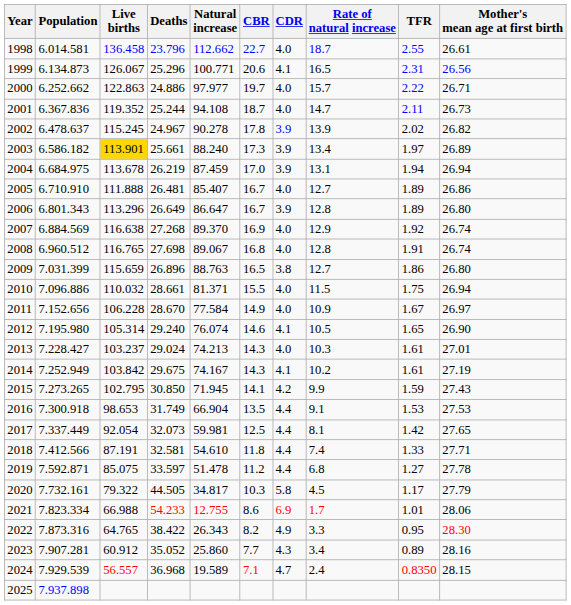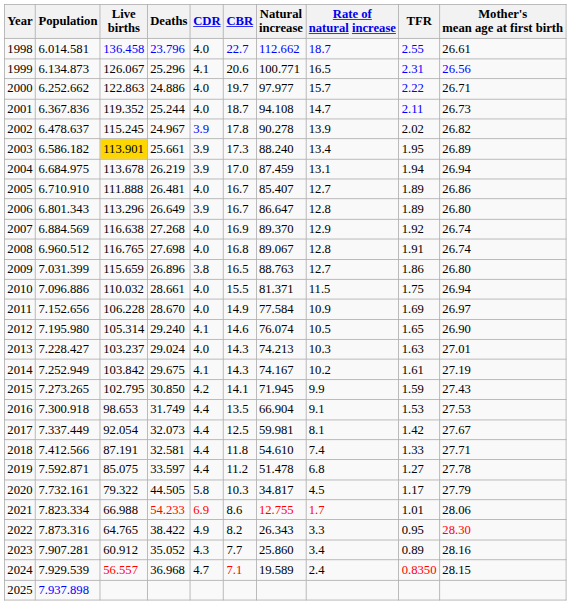 <table class="wikitable">
 <tr>
 <th><strong>Year</strong></th>
 <th><strong>Population</strong></th>
 <th><strong>Live</strong><br><strong>births</strong></th>
 <th><strong>Deaths</strong></th>
+<th><strong><a href='#'>CDR</a></strong></th>
+<th><strong><a href='#'>CBR</a></strong></th>
 <th><strong>Natural</strong><br><strong>increase</strong></th>
-<th><strong><a href='#'>CBR</a></strong></th>
-<th><strong><a href='#'>CDR</a></strong></th>
 <th><strong><a href='#'>Rate of</a></strong><br><strong><a href='#'>natural</a></strong>  <strong><a href='#'>increase</a></strong></th>
 <th><strong>TFR</strong></th>
 <th><strong>Mother's</strong><br><strong>mean</strong>  <strong>age at</strong> <strong>first</strong> <strong>birth</strong></th>
 </tr>
 <tr>
 <td>1998</td>
 <td>6.014.581</td>
 <td style="color: blue">136.458</td>
 <td style="color: blue">23.796</td>
+<td>4.0</td>
+<td style="color: blue">22.7</td>
 <td style="color: blue">112.662</td>
-<td style="color: blue">22.7</td>
-<td>4.0</td>
 <td style="color: blue">18.7</td>
 <td style="color: blue">2.55</td>
 <td>26.61</td>
 </tr>
 <tr>
 <td>1999</td>
 <td>6.134.873</td>
 <td>126.067</td>
 <td>25.296</td>
+<td>4.1</td>
+<td>20.6</td>
 <td>100.771</td>
-<td>20.6</td>
-<td>4.1</td>
 <td>16.5</td>
 <td style="color: blue">2.31</td>
 <td style="color: blue">26.56</td>
 </tr>
 <tr>
 <td>2000</td>
 <td>6.252.662</td>
 <td>122.863</td>
 <td>24.886</td>
+<td>4.0</td>
+<td>19.7</td>
 <td>97.977</td>
-<td>19.7</td>
-<td>4.0</td>
 <td>15.7</td>
 <td style="color: blue">2.22</td>
 <td>26.71</td>
 </tr>
 <tr>
 <td>2001</td>
 <td>6.367.836</td>
 <td>119.352</td>
 <td>25.244</td>
+<td>4.0</td>
+<td>18.7</td>
 <td>94.108</td>
-<td>18.7</td>
-<td>4.0</td>
 <td>14.7</td>
 <td style="color: blue">2.11</td>
 <td>26.73</td>
 </tr>
 <tr>
 <td>2002</td>
 <td>6.478.637</td>
 <td>115.245</td>
 <td>24.967</td>
+<td style="color: blue">3.9</td>
+<td>17.8</td>
 <td>90.278</td>
-<td>17.8</td>
-<td style="color: blue">3.9</td>
 <td>13.9</td>
 <td>2.02</td>
 <td>26.82</td>
 </tr>
 <tr>
 <td>2003</td>
 <td>6.586.182</td>
 <td style="background: gold;">113.901</td>
 <td>25.661</td>
+<td>3.9</td>
+<td>17.3</td>
 <td>88.240</td>
-<td>17.3</td>
-<td>3.9</td>
 <td>13.4</td>
-<td>1.97</td>
+<td>1.95</td>
 <td>26.89</td>
 </tr>
 <tr>
 <td>2004</td>
 <td>6.684.975</td>
 <td>113.678</td>
 <td>26.219</td>
+<td>3.9</td>
+<td>17.0</td>
 <td>87.459</td>
-<td>17.0</td>
-<td>3.9</td>
 <td>13.1</td>
 <td>1.94</td>
 <td>26.94</td>
 </tr>
 <tr>
 <td>2005</td>
 <td>6.710.910</td>
 <td>111.888</td>
 <td>26.481</td>
+<td>4.0</td>
+<td>16.7</td>
 <td>85.407</td>
-<td>16.7</td>
-<td>4.0</td>
 <td>12.7</td>
 <td>1.89</td>
 <td>26.86</td>
 </tr>
 <tr>
 <td>2006</td>
 <td>6.801.343</td>
 <td>113.296</td>
 <td>26.649</td>
+<td>3.9</td>
+<td>16.7</td>
 <td>86.647</td>
-<td>16.7</td>
-<td>3.9</td>
 <td>12.8</td>
 <td>1.89</td>
 <td>26.80</td>
 </tr>
 <tr>
 <td>2007</td>
 <td>6.884.569</td>
 <td>116.638</td>
 <td>27.268</td>
+<td>4.0</td>
+<td>16.9</td>
 <td>89.370</td>
-<td>16.9</td>
-<td>4.0</td>
 <td>12.9</td>
 <td>1.92</td>
 <td>26.74</td>
 </tr>
 <tr>
 <td>2008</td>
 <td>6.960.512</td>
 <td>116.765</td>
 <td>27.698</td>
+<td>4.0</td>
+<td>16.8</td>
 <td>89.067</td>
-<td>16.8</td>
-<td>4.0</td>
 <td>12.8</td>
 <td>1.91</td>
 <td>26.74</td>
 </tr>
 <tr>
 <td>2009</td>
 <td>7.031.399</td>
 <td>115.659</td>
 <td>26.896</td>
+<td>3.8</td>
+<td>16.5</td>
 <td>88.763</td>
-<td>16.5</td>
-<td>3.8</td>
 <td>12.7</td>
 <td>1.86</td>
 <td>26.80</td>
 </tr>
 <tr>
 <td>2010</td>
 <td>7.096.886</td>
 <td>110.032</td>
 <td>28.661</td>
+<td>4.0</td>
+<td>15.5</td>
 <td>81.371</td>
-<td>15.5</td>
-<td>4.0</td>
 <td>11.5</td>
 <td>1.75</td>
 <td>26.94</td>
 </tr>
 <tr>
 <td>2011</td>
 <td>7.152.656</td>
 <td>106.228</td>
 <td>28.670</td>
+<td>4.0</td>
+<td>14.9</td>
 <td>77.584</td>
-<td>14.9</td>
-<td>4.0</td>
 <td>10.9</td>
-<td>1.67</td>
+<td>1.69</td>
 <td>26.97</td>
 </tr>
 <tr>
 <td>2012</td>
 <td>7.195.980</td>
 <td>105.314</td>
 <td>29.240</td>
+<td>4.1</td>
+<td>14.6</td>
 <td>76.074</td>
-<td>14.6</td>
-<td>4.1</td>
 <td>10.5</td>
 <td>1.65</td>
 <td>26.90</td>
 </tr>
 <tr>
 <td>2013</td>
 <td>7.228.427</td>
 <td>103.237</td>
 <td>29.024</td>
+<td>4.0</td>
+<td>14.3</td>
 <td>74.213</td>
-<td>14.3</td>
-<td>4.0</td>
 <td>10.3</td>
-<td>1.61</td>
+<td>1.63</td>
 <td>27.01</td>
 </tr>
 <tr>
 <td>2014</td>
 <td>7.252.949</td>
 <td>103.842</td>
 <td>29.675</td>
+<td>4.1</td>
+<td>14.3</td>
 <td>74.167</td>
-<td>14.3</td>
-<td>4.1</td>
 <td>10.2</td>
 <td>1.61</td>
 <td>27.19</td>
 </tr>
 <tr>
 <td>2015</td>
 <td>7.273.265</td>
 <td>102.795</td>
 <td>30.850</td>
+<td>4.2</td>
+<td>14.1</td>
 <td>71.945</td>
-<td>14.1</td>
-<td>4.2</td>
 <td>9.9</td>
 <td>1.59</td>
 <td>27.43</td>
 </tr>
 <tr>
 <td>2016</td>
 <td>7.300.918</td>
 <td>98.653</td>
 <td>31.749</td>
+<td>4.4</td>
+<td>13.5</td>
 <td>66.904</td>
-<td>13.5</td>
-<td>4.4</td>
 <td>9.1</td>
 <td>1.53</td>
 <td>27.53</td>
 </tr>
 <tr>
 <td>2017</td>
 <td>7.337.449</td>
 <td>92.054</td>
 <td>32.073</td>
+<td>4.4</td>
+<td>12.5</td>
 <td>59.981</td>
-<td>12.5</td>
-<td>4.4</td>
 <td>8.1</td>
 <td>1.42</td>
-<td>27.65</td>
+<td>27.67</td>
 </tr>
 <tr>
 <td>2018</td>
 <td>7.412.566</td>
 <td>87.191</td>
 <td>32.581</td>
+<td>4.4</td>
+<td>11.8</td>
 <td>54.610</td>
-<td>11.8</td>
-<td>4.4</td>
 <td>7.4</td>
 <td>1.33</td>
 <td>27.71</td>
 </tr>
 <tr>
 <td>2019</td>
 <td>7.592.871</td>
 <td>85.075</td>
 <td>33.597</td>
+<td>4.4</td>
+<td>11.2</td>
 <td>51.478</td>
-<td>11.2</td>
-<td>4.4</td>
 <td>6.8</td>
 <td>1.27</td>
 <td>27.78</td>
 </tr>
 <tr>
 <td>2020</td>
 <td>7.732.161</td>
 <td>79.322</td>
 <td>44.505</td>
+<td>5.8</td>
+<td>10.3</td>
 <td>34.817</td>
-<td>10.3</td>
-<td>5.8</td>
 <td>4.5</td>
 <td>1.17</td>
 <td>27.79</td>
 </tr>
 <tr>
 <td>2021</td>
 <td>7.823.334</td>
 <td>66.988</td>
 <td style="color: red">54.233</td>
+<td style="color: red">6.9</td>
+<td>8.6</td>
 <td style="color: red">12.755</td>
-<td>8.6</td>
-<td style="color: red">6.9</td>
 <td style="color: red">1.7</td>
 <td>1.01</td>
 <td>28.06</td>
 </tr>
 <tr>
 <td>2022</td>
 <td>7.873.316</td>
 <td>64.765</td>
 <td>38.422</td>
+<td>4.9</td>
+<td>8.2</td>
 <td>26.343</td>
-<td>8.2</td>
-<td>4.9</td>
 <td>3.3</td>
 <td>0.95</td>
 <td style="color: red">28.30</td>
 </tr>
 <tr>
 <td>2023</td>
 <td>7.907.281</td>
 <td>60.912</td>
 <td>35.052</td>
+<td>4.3</td>
+<td>7.7</td>
 <td>25.860</td>
-<td>7.7</td>
-<td>4.3</td>
 <td>3.4</td>
 <td>0.89</td>
 <td>28.16</td>
 </tr>
 <tr>
 <td>2024</td>
 <td>7.929.539</td>
 <td style="color: red">56.557</td>
 <td>36.968</td>
+<td>4.7</td>
+<td style="color: red">7.1</td>
 <td>19.589</td>
-<td style="color: red">7.1</td>
-<td>4.7</td>
 <td>2.4</td>
 <td style="color: red">0.8350</td>
 <td>28.15</td>
 </tr>
 <tr>
 <td>2025</td>
 <td style="color: blue">7.937.898</td>
 <td></td>
 <td></td>
 <td></td>
 <td></td>
 <td></td>
 <td></td>
 <td></td>
 <td></td>
 </tr>
 </table>
